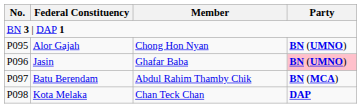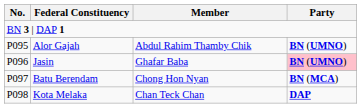 <table class="wikitable sortable">
 <tr>
 <th style="width:30px;">No.</th>
 <th style="width:150px;">Federal Constituency</th>
 <th style="width:230px;">Member</th>
 <th style="width:100px;">Party</th>
 </tr>
 <tr>
 <td colspan="4"><a href='#'>BN</a> <strong>3</strong> | <a href='#'>DAP</a> <strong>1</strong></td>
 </tr>
 <tr>
 <td>P095</td>
 <td><a href='#'>Alor Gajah</a></td>
-<td><a href='#'>Chong Hon Nyan</a></td>
+<td><a href='#'>Abdul Rahim Thamby Chik</a></td>
 <td><strong><a href='#'>BN</a></strong> (<strong><a href='#'>UMNO</a></strong>)</td>
 </tr>
 <tr>
 <td>P096</td>
 <td><a href='#'>Jasin</a></td>
 <td><a href='#'>Ghafar Baba</a></td>
 <td style="background: pink;"><strong><a href='#'>BN</a></strong> (<strong><a href='#'>UMNO</a></strong>)</td>
 </tr>
 <tr>
 <td>P097</td>
 <td><a href='#'>Batu Berendam</a></td>
-<td><a href='#'>Abdul Rahim Thamby Chik</a></td>
+<td><a href='#'>Chong Hon Nyan</a></td>
 <td><strong><a href='#'>BN</a></strong> (<strong><a href='#'>MCA</a></strong>)</td>
 </tr>
 <tr>
 <td>P098</td>
 <td><a href='#'>Kota Melaka</a></td>
 <td><a href='#'>Chan Teck Chan</a></td>
 <td><strong><a href='#'>DAP</a></strong></td>
 </tr>
 </table>
